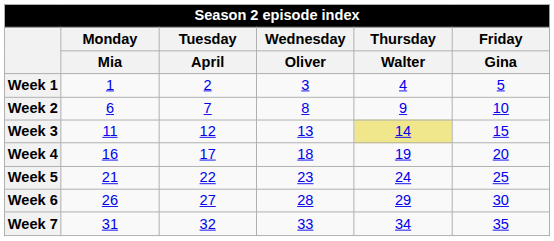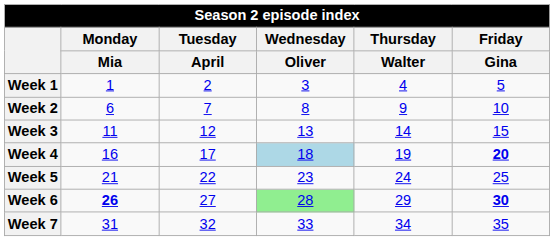 <table class="wikitable collapsible" style="text-align: center;">
 <tr>
 <th style="background-color: #000000; color: #FFFFFF;" colspan="6">Season 2 episode index</th>
 </tr>
 <tr>
 <th rowspan="2"></th>
 <th width="100px">Monday</th>
 <th width="100px">Tuesday</th>
 <th width="100px">Wednesday</th>
 <th width="100px">Thursday</th>
 <th width="100px">Friday</th>
 </tr>
 <tr>
 <th>Mia</th>
 <th>April</th>
 <th>Oliver</th>
 <th>Walter</th>
 <th>Gina</th>
 </tr>
 <tr>
 <th>Week 1</th>
 <td><a href='#'>1</a></td>
 <td><a href='#'>2</a></td>
 <td><a href='#'>3</a></td>
 <td><a href='#'>4</a></td>
 <td><a href='#'>5</a></td>
 </tr>
 <tr>
 <th>Week 2</th>
 <td><a href='#'>6</a></td>
 <td><a href='#'>7</a></td>
 <td><a href='#'>8</a></td>
 <td><a href='#'>9</a></td>
 <td><a href='#'>10</a></td>
 </tr>
 <tr>
 <th>Week 3</th>
 <td><a href='#'>11</a></td>
 <td><a href='#'>12</a></td>
 <td><a href='#'>13</a></td>
-<td style="background: khaki;"><a href='#'>14</a></td>
+<td><a href='#'>14</a></td>
 <td><a href='#'>15</a></td>
 </tr>
 <tr>
 <th>Week 4</th>
 <td><a href='#'>16</a></td>
 <td><a href='#'>17</a></td>
-<td><a href='#'>18</a></td>
+<td style="background: lightblue;"><a href='#'>18</a></td>
 <td><a href='#'>19</a></td>
-<td><a href='#'>20</a></td>
+<td><strong><a href='#'>20</a></strong></td>
 </tr>
 <tr>
 <th>Week 5</th>
 <td><a href='#'>21</a></td>
 <td><a href='#'>22</a></td>
 <td><a href='#'>23</a></td>
 <td><a href='#'>24</a></td>
 <td><a href='#'>25</a></td>
 </tr>
 <tr>
 <th>Week 6</th>
-<td><a href='#'>26</a></td>
+<td><strong><a href='#'>26</a></strong></td>
 <td><a href='#'>27</a></td>
-<td><a href='#'>28</a></td>
+<td style="background: lightgreen;"><a href='#'>28</a></td>
 <td><a href='#'>29</a></td>
-<td><a href='#'>30</a></td>
+<td><strong><a href='#'>30</a></strong></td>
 </tr>
 <tr>
 <th>Week 7</th>
 <td><a href='#'>31</a></td>
 <td><a href='#'>32</a></td>
 <td><a href='#'>33</a></td>
 <td><a href='#'>34</a></td>
 <td><a href='#'>35</a></td>
 </tr>
 </table>
